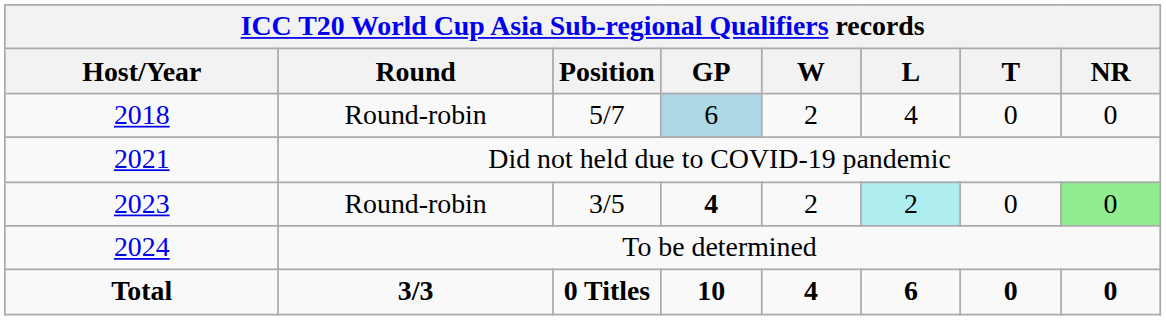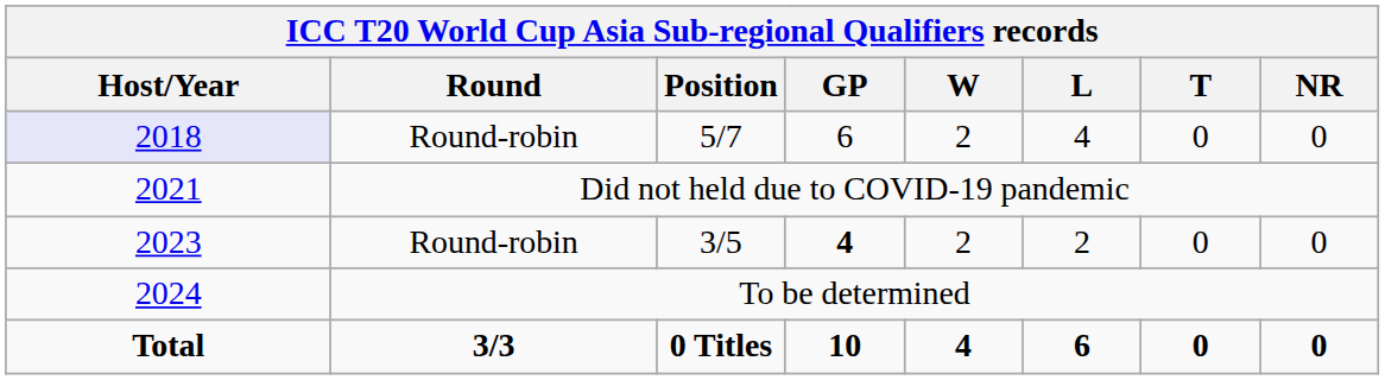 <table class="wikitable" style="text-align: center;">
 <tr>
 <th colspan=8><a href='#'>ICC T20 World Cup Asia Sub-regional Qualifiers</a> records</th>
 </tr>
 <tr>
 <th width=150>Host/Year</th>
 <th width=150>Round</th>
 <th width=50>Position</th>
 <th width=50>GP</th>
 <th width=50>W</th>
 <th width=50>L</th>
 <th width=50>T</th>
 <th width=50>NR</th>
 </tr>
 <tr>
-<td> <a href='#'>2018</a></td>
+<td style="background: lavender;"> <a href='#'>2018</a></td>
 <td>Round-robin</td>
 <td>5/7</td>
-<td style="background: lightblue;">6</td>
+<td>6</td>
 <td>2</td>
 <td>4</td>
 <td>0</td>
 <td>0</td>
 </tr>
 <tr>
 <td> <a href='#'>2021</a></td>
 <td colspan=8>Did not held due to COVID-19 pandemic</td>
 </tr>
 <tr>
 <td> <a href='#'>2023</a></td>
 <td>Round-robin</td>
 <td>3/5</td>
 <td><strong>4</strong></td>
 <td>2</td>
-<td style="background: paleturquoise;">2</td>
+<td>2</td>
 <td>0</td>
-<td style="background: lightgreen;">0</td>
+<td>0</td>
 </tr>
 <tr>
 <td> <a href='#'>2024</a></td>
 <td colspan=8>To be determined</td>
 </tr>
 <tr>
 <td><strong>Total</strong></td>
 <td><strong>3/3</strong></td>
 <td><strong>0 Titles</strong></td>
 <td><strong>10</strong></td>
 <td><strong>4</strong></td>
 <td><strong>6</strong></td>
 <td><strong>0</strong></td>
 <td><strong>0</strong></td>
 </tr>
 </table>
